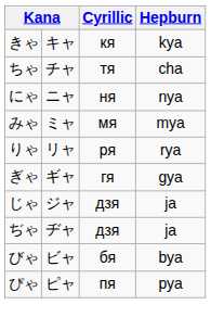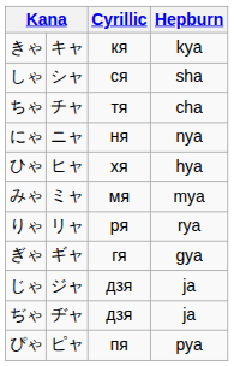 <table class="wikitable" style="text-align:center; display:inline-table;">
 <tr>
 <th colspan="2"><a href='#'>Kana</a></th>
 <th><a href='#'>Cyrillic</a></th>
 <th><a href='#'>Hepburn</a></th>
 </tr>
 <tr>
 <td>きゃ</td>
 <td>キャ</td>
 <td>кя</td>
 <td>kya</td>
 </tr>
 <tr>
+<td>しゃ</td>
+<td>シャ</td>
+<td>ся</td>
+<td>sha</td>
+</tr>
+<tr>
 <td>ちゃ</td>
 <td>チャ</td>
 <td>тя</td>
 <td>cha</td>
 </tr>
 <tr>
 <td>にゃ</td>
 <td>ニャ</td>
 <td>ня</td>
 <td>nya</td>
+</tr>
+<tr>
+<td>ひゃ</td>
+<td>ヒャ</td>
+<td>хя</td>
+<td>hya</td>
 </tr>
 <tr>
 <td>みゃ</td>
 <td>ミャ</td>
 <td>мя</td>
 <td>mya</td>
 </tr>
 <tr>
 <td>りゃ</td>
 <td>リャ</td>
 <td>ря</td>
 <td>rya</td>
 </tr>
 <tr>
 <td>ぎゃ</td>
 <td>ギャ</td>
 <td>гя</td>
 <td>gya</td>
 </tr>
 <tr>
 <td>じゃ</td>
 <td>ジャ</td>
 <td>дзя</td>
 <td>ja</td>
 </tr>
 <tr>
 <td>ぢゃ</td>
 <td>ヂャ</td>
 <td>дзя</td>
 <td>ja</td>
 </tr>
 <tr>
-<td>びゃ</td>
-<td>ビャ</td>
-<td>бя</td>
-<td>bya</td>
-</tr>
-<tr>
 <td>ぴゃ</td>
 <td>ピャ</td>
 <td>пя</td>
 <td>pya</td>
 </tr>
 </table>
